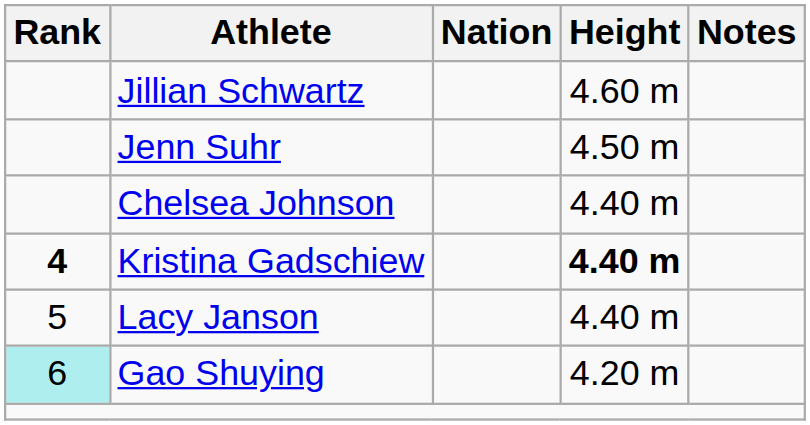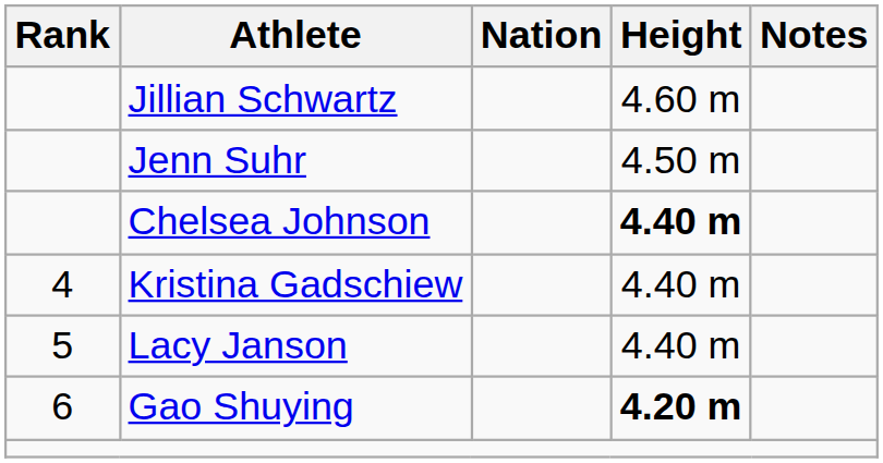 <table class="wikitable mw-datatable sortable" style="text-align:center;">
 <tr>
 <th>Rank</th>
 <th>Athlete</th>
 <th>Nation</th>
 <th>Height</th>
 <th>Notes</th>
 </tr>
 <tr>
 <td></td>
 <td align=left><a href='#'>Jillian Schwartz</a></td>
 <td align=left></td>
 <td>4.60 m</td>
 <td></td>
 </tr>
 <tr>
 <td></td>
 <td align=left><a href='#'>Jenn Suhr</a></td>
 <td align=left></td>
 <td>4.50 m</td>
 <td></td>
 </tr>
 <tr>
 <td></td>
 <td align=left><a href='#'>Chelsea Johnson</a></td>
 <td align=left></td>
-<td>4.40 m</td>
+<td><strong>4.40 m</strong></td>
 <td></td>
 </tr>
 <tr>
-<td><strong>4</strong></td>
+<td>4</td>
 <td align=left><a href='#'>Kristina Gadschiew</a></td>
 <td align=left></td>
-<td><strong>4.40 m</strong></td>
+<td>4.40 m</td>
 <td></td>
 </tr>
 <tr>
 <td>5</td>
 <td align=left><a href='#'>Lacy Janson</a></td>
 <td align=left></td>
 <td>4.40 m</td>
 <td></td>
 </tr>
 <tr>
-<td style="background: paleturquoise;">6</td>
+<td>6</td>
 <td align=left><a href='#'>Gao Shuying</a></td>
 <td align=left></td>
-<td>4.20 m</td>
+<td><strong>4.20 m</strong></td>
 <td></td>
 </tr>
 <tr class="sortbottom">
 <td colspan=5></td>
 </tr>
 </table>
